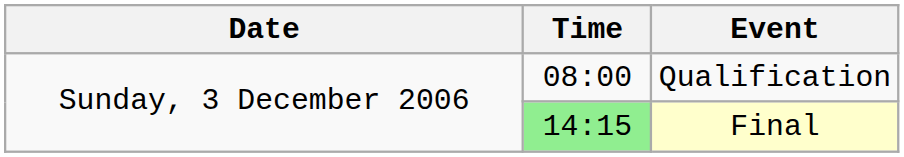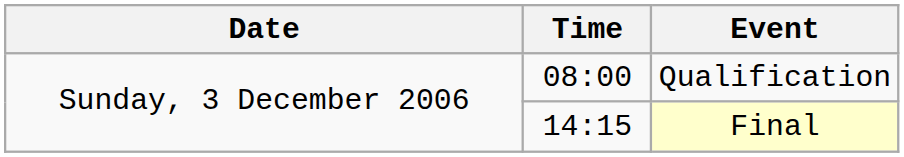 <table class = "wikitable" style="text-align:center;">
 <tr>
 <th width=220>Date</th>
 <th width=50>Time</th>
 <th width=100>Event</th>
 </tr>
 <tr>
 <td rowspan=2>Sunday, 3 December 2006</td>
 <td>08:00</td>
 <td>Qualification</td>
 </tr>
 <tr>
-<td style="background: lightgreen;">14:15</td>
+<td>14:15</td>
 <td bgcolor=ffffcc>Final</td>
 </tr>
 </table>
